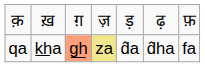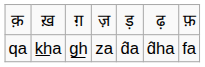 <table class="wikitable" style="margin: 0 auto; text-align: center;">
 <tr>
 <td>क़</td>
 <td>ख़</td>
 <td>ग़</td>
 <td>ज़</td>
 <td>ड़</td>
 <td>ढ़</td>
 <td>फ़</td>
 </tr>
 <tr>
 <td>qa</td>
 <td>k͟ha</td>
-<td style="background: lightsalmon;">g͟h</td>
-<td style="background: khaki;">za</td>
+<td>g͟h</td>
+<td>za</td>
 <td>d̂a</td>
 <td>d̂ha</td>
 <td>fa</td>
 </tr>
 </table>
